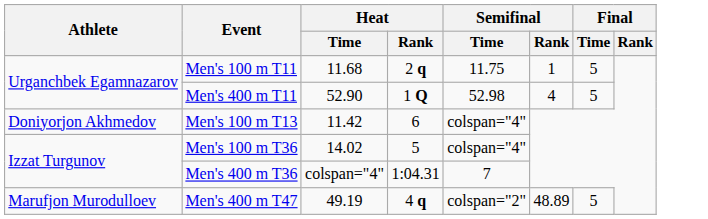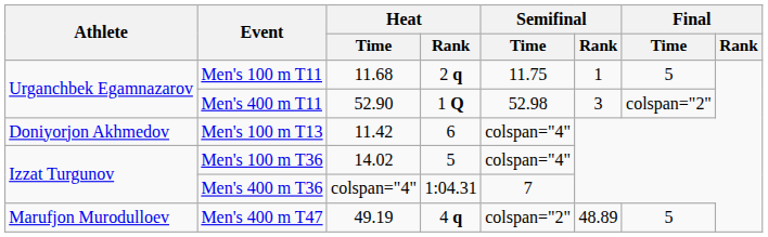 <table class=wikitable style="font-size:90%">
 <tr>
 <th rowspan="2">Athlete</th>
 <th rowspan="2">Event</th>
 <th colspan=2>Heat</th>
 <th colspan="2">Semifinal</th>
 <th colspan="2">Final</th>
 </tr>
 <tr style="font-size:95%">
 <th>Time</th>
 <th>Rank</th>
 <th>Time</th>
 <th>Rank</th>
 <th>Time</th>
 <th>Rank</th>
 </tr>
 <tr align=center>
 <td align=left rowspan=2><a href='#'>Urganchbek Egamnazarov</a></td>
 <td align=left><a href='#'>Men's 100 m T11</a></td>
 <td>11.68</td>
 <td>2 <strong>q</strong></td>
 <td>11.75</td>
 <td>1</td>
 <td>5</td>
 </tr>
 <tr align=center>
 <td align=left><a href='#'>Men's 400 m T11</a></td>
 <td>52.90</td>
 <td>1 <strong>Q</strong></td>
 <td>52.98</td>
-<td>4</td>
-<td>5</td>
+<td>3</td>
+<td>colspan="2" </td>
 </tr>
 <tr align=center>
 <td align=left><a href='#'>Doniyorjon Akhmedov</a></td>
 <td align=left><a href='#'>Men's 100 m T13</a></td>
 <td>11.42</td>
 <td>6</td>
 <td>colspan="4" </td>
 </tr>
 <tr align=center>
 <td align=left rowspan=2><a href='#'>Izzat Turgunov</a></td>
 <td align=left><a href='#'>Men's 100 m T36</a></td>
 <td>14.02</td>
 <td>5</td>
 <td>colspan="4" </td>
 </tr>
 <tr align=center>
 <td align=left><a href='#'>Men's 400 m T36</a></td>
 <td>colspan="4" </td>
 <td>1:04.31</td>
 <td>7</td>
 </tr>
 <tr align=center>
 <td align=left><a href='#'>Marufjon Murodulloev</a></td>
 <td align=left><a href='#'>Men's 400 m T47</a></td>
 <td>49.19</td>
 <td>4 <strong>q</strong></td>
 <td>colspan="2" </td>
 <td>48.89</td>
 <td>5</td>
 </tr>
 </table>
